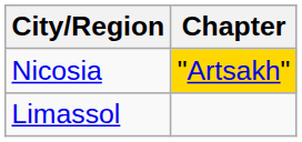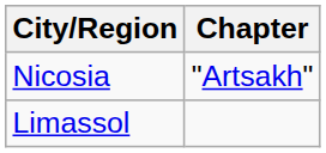 <table class="wikitable">
 <tr>
 <th>City/Region</th>
 <th>Chapter</th>
 </tr>
 <tr>
 <td><a href='#'>Nicosia</a></td>
-<td style="background: gold;">"<a href='#'>Artsakh</a>"</td>
+<td>"<a href='#'>Artsakh</a>"</td>
 </tr>
 <tr>
 <td><a href='#'>Limassol</a></td>
 </tr>
 </table>
